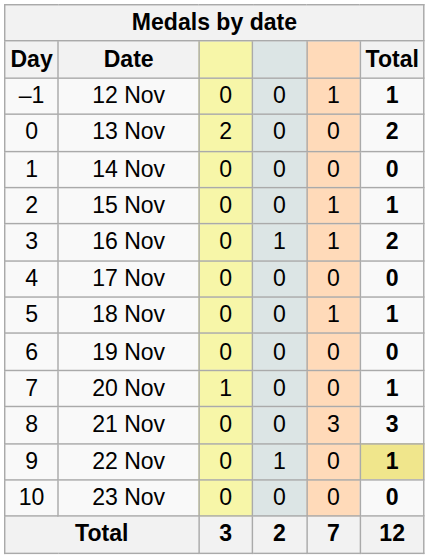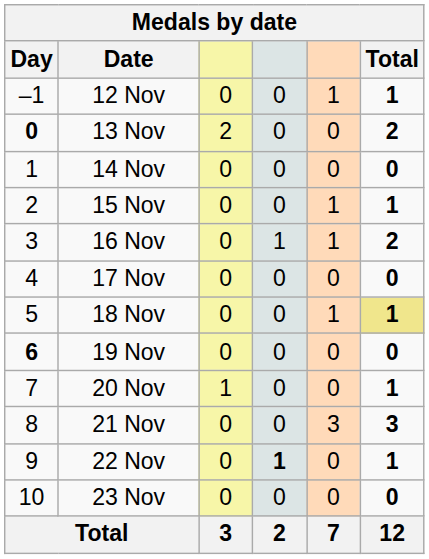 <table class="wikitable" style="font-size:100%; text-align:center">
 <tr style="background:#efefef;">
 <th colspan=6><strong>Medals by date</strong></th>
 </tr>
 <tr>
 <th width=30><strong>Day</strong></th>
 <th width=90><strong>Date</strong></th>
 <th width=30 style="background:#F7F6A8;"></th>
 <th width=30 style="background:#DCE5E5;"></th>
 <th width=30 style="background:#FFDAB9;"></th>
 <th width=30><strong>Total</strong></th>
 </tr>
 <tr>
 <td>–1</td>
 <td>12 Nov</td>
 <td style="background:#F7F6A8;">0</td>
 <td style="background:#DCE5E5;">0</td>
 <td style="background:#FFDAB9;">1</td>
 <td><strong>1</strong></td>
 </tr>
 <tr>
-<td>0</td>
+<td><strong>0</strong></td>
 <td>13 Nov</td>
 <td style="background:#F7F6A8;">2</td>
 <td style="background:#DCE5E5;">0</td>
 <td style="background:#FFDAB9;">0</td>
 <td><strong>2</strong></td>
 </tr>
 <tr>
 <td>1</td>
 <td>14 Nov</td>
 <td style="background:#F7F6A8;">0</td>
 <td style="background:#DCE5E5;">0</td>
 <td style="background:#FFDAB9;">0</td>
 <td><strong>0</strong></td>
 </tr>
 <tr>
 <td>2</td>
 <td>15 Nov</td>
 <td style="background:#F7F6A8;">0</td>
 <td style="background:#DCE5E5;">0</td>
 <td style="background:#FFDAB9;">1</td>
 <td><strong>1</strong></td>
 </tr>
 <tr>
 <td>3</td>
 <td>16 Nov</td>
 <td style="background:#F7F6A8;">0</td>
 <td style="background:#DCE5E5;">1</td>
 <td style="background:#FFDAB9;">1</td>
 <td><strong>2</strong></td>
 </tr>
 <tr>
 <td>4</td>
 <td>17 Nov</td>
 <td style="background:#F7F6A8;">0</td>
 <td style="background:#DCE5E5;">0</td>
 <td style="background:#FFDAB9;">0</td>
 <td><strong>0</strong></td>
 </tr>
 <tr>
 <td>5</td>
 <td>18 Nov</td>
 <td style="background:#F7F6A8;">0</td>
 <td style="background:#DCE5E5;">0</td>
 <td style="background:#FFDAB9;">1</td>
-<td><strong>1</strong></td>
+<td style="background: khaki;"><strong>1</strong></td>
 </tr>
 <tr>
-<td>6</td>
+<td><strong>6</strong></td>
 <td>19 Nov</td>
 <td style="background:#F7F6A8;">0</td>
 <td style="background:#DCE5E5;">0</td>
 <td style="background:#FFDAB9;">0</td>
 <td><strong>0</strong></td>
 </tr>
 <tr>
 <td>7</td>
 <td>20 Nov</td>
 <td style="background:#F7F6A8;">1</td>
 <td style="background:#DCE5E5;">0</td>
 <td style="background:#FFDAB9;">0</td>
 <td><strong>1</strong></td>
 </tr>
 <tr>
 <td>8</td>
 <td>21 Nov</td>
 <td style="background:#F7F6A8;">0</td>
 <td style="background:#DCE5E5;">0</td>
 <td style="background:#FFDAB9;">3</td>
 <td><strong>3</strong></td>
 </tr>
 <tr>
 <td>9</td>
 <td>22 Nov</td>
 <td style="background:#F7F6A8;">0</td>
-<td style="background:#DCE5E5;">1</td>
+<td style="background:#DCE5E5;"><strong>1</strong></td>
 <td style="background:#FFDAB9;">0</td>
-<td style="background: khaki;"><strong>1</strong></td>
+<td><strong>1</strong></td>
 </tr>
 <tr>
 <td>10</td>
 <td>23 Nov</td>
 <td style="background:#F7F6A8;">0</td>
 <td style="background:#DCE5E5;">0</td>
 <td style="background:#FFDAB9;">0</td>
 <td><strong>0</strong></td>
 </tr>
 <tr>
 <th colspan="2"><strong>Total</strong></th>
 <th><strong>3</strong></th>
 <th><strong>2</strong></th>
 <th><strong>7</strong></th>
 <th><strong>12</strong></th>
 </tr>
 </table>
